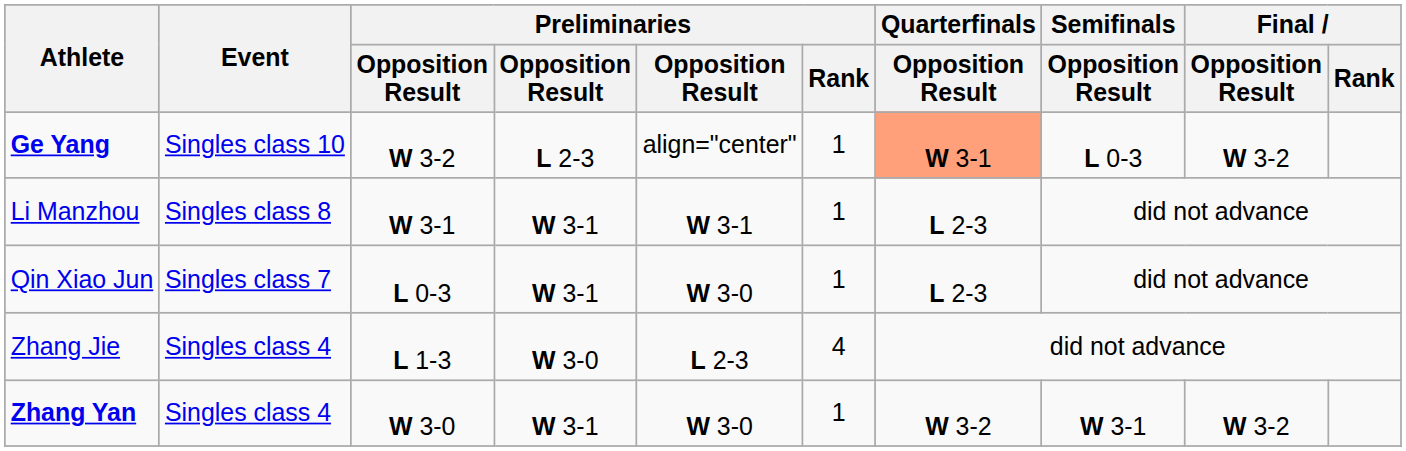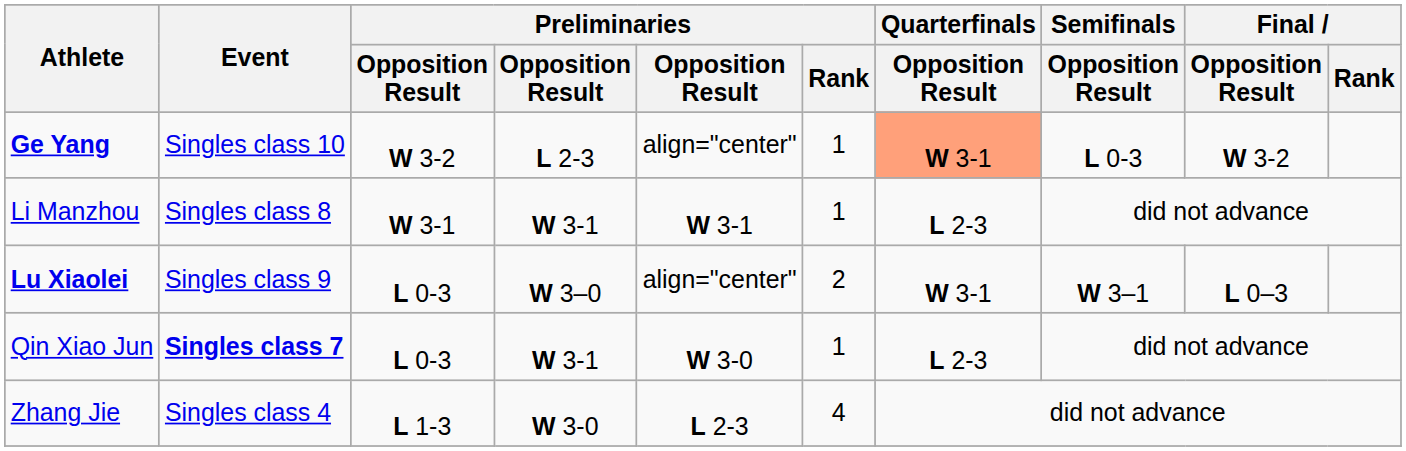 <table class=wikitable style="font-size:90%">
 <tr>
 <th rowspan="2">Athlete</th>
 <th rowspan="2">Event</th>
 <th colspan="4">Preliminaries</th>
 <th>Quarterfinals</th>
 <th>Semifinals</th>
 <th colspan="2">Final / </th>
 </tr>
 <tr>
 <th>Opposition<br>Result</th>
 <th>Opposition<br>Result</th>
 <th>Opposition<br>Result</th>
 <th>Rank</th>
 <th>Opposition<br>Result</th>
 <th>Opposition<br>Result</th>
 <th>Opposition<br>Result</th>
 <th>Rank</th>
 </tr>
 <tr>
 <td><strong><a href='#'>Ge Yang</a></strong></td>
 <td><a href='#'>Singles class 10</a></td>
 <td align="center"><br><strong>W</strong> 3-2</td>
 <td align="center"><br><strong>L</strong> 2-3</td>
 <td>align="center" </td>
 <td align="center">1</td>
 <td align="center" style="background: lightsalmon;"><br><strong>W</strong> 3-1</td>
 <td align="center"><br><strong>L</strong> 0-3</td>
 <td align="center"><br><strong>W</strong> 3-2</td>
 <td align="center"></td>
 </tr>
 <tr>
 <td><a href='#'>Li Manzhou</a></td>
 <td><a href='#'>Singles class 8</a></td>
 <td align="center"><br><strong>W</strong> 3-1</td>
 <td align="center"><br><strong>W</strong> 3-1</td>
 <td align="center"><br><strong>W</strong> 3-1</td>
 <td align="center">1</td>
 <td align="center"><br><strong>L</strong> 2-3</td>
 <td align="center" colspan="3">did not advance</td>
 </tr>
 <tr>
+<td><strong><a href='#'>Lu Xiaolei</a></strong></td>
+<td><a href='#'>Singles class 9</a></td>
+<td align="center"><br><strong>L</strong> 0-3</td>
+<td align="center"><br><strong>W</strong> 3–0</td>
+<td>align="center" </td>
+<td align="center">2</td>
+<td align="center"><br><strong>W</strong> 3-1</td>
+<td align="center"><br><strong>W</strong> 3–1</td>
+<td align="center"><br><strong>L</strong> 0–3</td>
+<td align="center"></td>
+</tr>
+<tr>
 <td><a href='#'>Qin Xiao Jun</a></td>
-<td><a href='#'>Singles class 7</a></td>
+<td><strong><a href='#'>Singles class 7</a></strong></td>
 <td align="center"><br><strong>L</strong> 0-3</td>
 <td align="center"><br><strong>W</strong> 3-1</td>
 <td align="center"><br><strong>W</strong> 3-0</td>
 <td align="center">1</td>
 <td align="center"><br><strong>L</strong> 2-3</td>
 <td align="center" colspan="3">did not advance</td>
 </tr>
 <tr>
 <td><a href='#'>Zhang Jie</a></td>
 <td><a href='#'>Singles class 4</a></td>
 <td align="center"><br><strong>L</strong> 1-3</td>
 <td align="center"><br><strong>W</strong> 3-0</td>
 <td align="center"><br><strong>L</strong> 2-3</td>
 <td align="center">4</td>
 <td align="center" colspan="4">did not advance</td>
 </tr>
-<tr>
-<td><strong><a href='#'>Zhang Yan</a></strong></td>
-<td><a href='#'>Singles class 4</a></td>
-<td align="center"><br><strong>W</strong> 3-0</td>
-<td align="center"><br><strong>W</strong> 3-1</td>
-<td align="center"><br> <strong>W</strong> 3-0</td>
-<td align="center">1</td>
-<td align="center"><br><strong>W</strong> 3-2</td>
-<td align="center"><br><strong>W</strong> 3-1</td>
-<td align="center"><br><strong>W</strong> 3-2</td>
-<td align="center"></td>
-</tr>
 </table>
